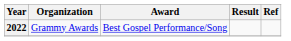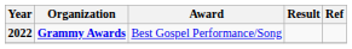 <table class="wikitable plainrowheaders">
 <tr>
 <th>Year</th>
 <th>Organization</th>
 <th>Award</th>
 <th>Result</th>
 <th>Ref</th>
 </tr>
 <tr>
 <th scope="row">2022</th>
-<td><a href='#'>Grammy Awards</a></td>
+<td><strong><a href='#'>Grammy Awards</a></strong></td>
 <td><a href='#'>Best Gospel Performance/Song</a></td>
 <td></td>
 <td></td>
 </tr>
 <tr>
 </tr>
 </table>
